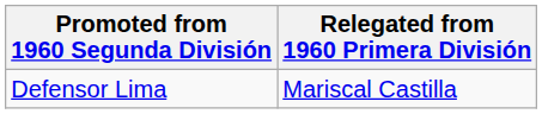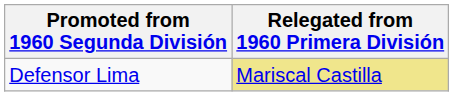 <table class="wikitable">
 <tr>
 <th>Promoted from<br><a href='#'>1960 Segunda División</a></th>
 <th>Relegated from<br><a href='#'>1960 Primera División</a></th>
 </tr>
 <tr>
 <td> <a href='#'>Defensor Lima</a> </td>
-<td> <a href='#'>Mariscal Castilla</a> </td>
+<td style="background: khaki;"> <a href='#'>Mariscal Castilla</a> </td>
 </tr>
 </table>
